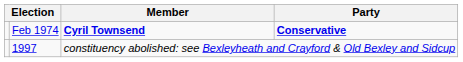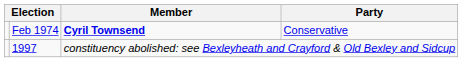 <table class="wikitable">
 <tr>
 <th colspan="2">Election</th>
 <th>Member</th>
 <th>Party</th>
 </tr>
 <tr>
 <td style="color:inherit;background-color: "></td>
 <td><a href='#'>Feb 1974</a></td>
 <td><strong><a href='#'>Cyril Townsend</a></strong></td>
-<td><strong><a href='#'>Conservative</a></strong></td>
+<td><a href='#'>Conservative</a></td>
 </tr>
 <tr>
 <td></td>
 <td><a href='#'>1997</a></td>
 <td colspan="2"><em>constituency abolished: see <a href='#'>Bexleyheath and Crayford</a> & <a href='#'>Old Bexley and Sidcup</a> </em></td>
 </tr>
 </table>
